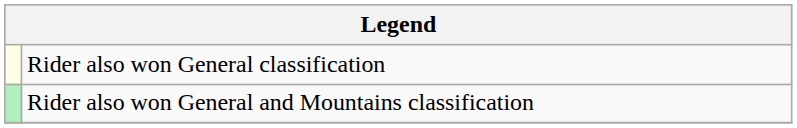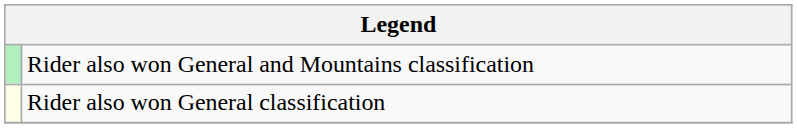 <table class="wikitable nowrap" style="font-size:90%; width: 33em;">
 <tr>
 <th colspan="2">Legend</th>
+</tr>
+<tr>
+<td style="background: #b1f0be"></td>
+<td>Rider also won General and Mountains classification</td>
 </tr>
 <tr>
 <td style="background: #ffffe8"></td>
 <td>Rider also won General classification</td>
 </tr>
 <tr>
-<td style="background: #b1f0be"></td>
-<td>Rider also won General and Mountains classification</td>
-</tr>
-<tr>
 </tr>
 </table>
